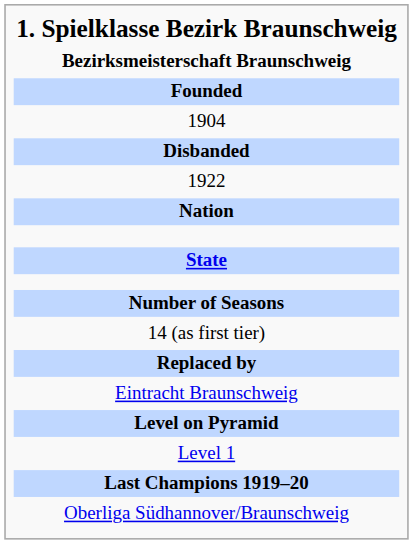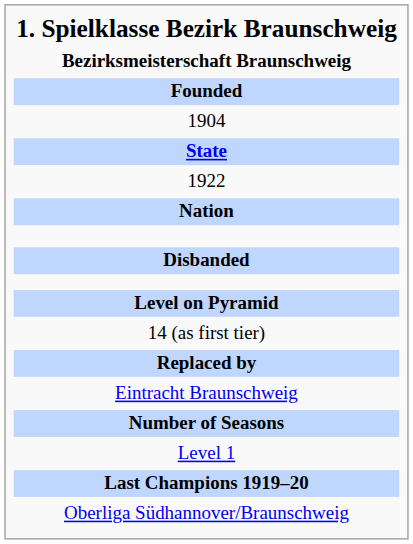 <table class="infobox football" style="width: 16em; text-align: center;">
 <tr>
 <th style="font-size: 16px;">1. Spielklasse Bezirk Braunschweig</th>
 </tr>
 <tr>
 <th style="font-size: 12px;">Bezirksmeisterschaft Braunschweig</th>
 </tr>
 <tr>
 <td style="font-size: 12px; background: #BFD7FF;"><strong>Founded</strong></td>
 </tr>
 <tr>
 <td style="font-size: 12px;">1904</td>
 </tr>
 <tr>
-<td style="font-size: 12px; background: #BFD7FF;"><strong>Disbanded</strong></td>
+<td style="font-size: 12px; background: #BFD7FF;"><strong><a href='#'>State</a></strong></td>
 </tr>
 <tr>
 <td style="font-size: 12px;">1922</td>
 </tr>
 <tr>
 <td style="font-size: 12px; background: #BFD7FF;"><strong>Nation</strong></td>
 </tr>
 <tr>
 <td style="font-size: 12px;"></td>
 </tr>
 <tr>
 <td style="font-size: 12px;"></td>
 </tr>
 <tr>
 <td style="font-size: 11px; line-height: 15px;"></td>
 </tr>
 <tr>
-<td style="font-size: 12px; background: #BFD7FF;"><strong><a href='#'>State</a></strong></td>
+<td style="font-size: 12px; background: #BFD7FF;"><strong>Disbanded</strong></td>
 </tr>
 <tr>
 <td style="font-size: 12px;"></td>
 </tr>
 <tr>
 <td style="font-size: 12px;"></td>
 </tr>
 <tr>
-<td style="font-size: 12px; background: #BFD7FF;"><strong>Number of Seasons</strong></td>
+<td style="font-size: 12px; background: #BFD7FF;"><strong>Level on Pyramid</strong></td>
 </tr>
 <tr>
 <td style="font-size: 12px;">14 (as first tier)</td>
 </tr>
 <tr>
 <td style="font-size: 12px; background: #BFD7FF;"><strong>Replaced by</strong></td>
 </tr>
 <tr>
 <td style="font-size: 12px;"><a href='#'>Eintracht Braunschweig</a></td>
 </tr>
 <tr>
-<td style="font-size: 12px; background: #BFD7FF;"><strong>Level on Pyramid</strong></td>
+<td style="font-size: 12px; background: #BFD7FF;"><strong>Number of Seasons</strong></td>
 </tr>
 <tr>
 <td style="font-size: 12px;"><a href='#'>Level 1</a></td>
 </tr>
 <tr>
 <td style="font-size: 12px; background: #BFD7FF;"><strong>Last Champions 1919–20</strong></td>
 </tr>
 <tr>
 <td style="font-size: 12px;"><a href='#'>Oberliga Südhannover/Braunschweig</a></td>
 </tr>
 <tr>
 </tr>
 </table>
